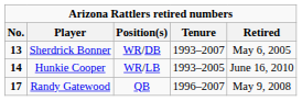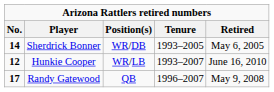 <table class="wikitable sortable" style="text-align:center">
 <tr>
 <td colspan="5"><strong>Arizona Rattlers retired numbers</strong></td>
 </tr>
 <tr>
 <th>No.</th>
 <th>Player</th>
 <th>Position(s)</th>
 <th>Tenure</th>
 <th>Retired</th>
 </tr>
 <tr>
-<td><strong>13</strong></td>
+<td><strong>14</strong></td>
 <td><a href='#'>Sherdrick Bonner</a></td>
 <td><a href='#'>WR</a>/<a href='#'>DB</a></td>
-<td>1993–2007</td>
+<td>1993–2005</td>
 <td>May 6, 2005</td>
 </tr>
 <tr>
-<td><strong>14</strong></td>
+<td><strong>12</strong></td>
 <td><a href='#'>Hunkie Cooper</a></td>
 <td><a href='#'>WR</a>/<a href='#'>LB</a></td>
-<td>1993–2005</td>
+<td>1993–2007</td>
 <td>June 16, 2010</td>
 </tr>
 <tr>
 <td><strong>17</strong></td>
 <td><a href='#'>Randy Gatewood</a></td>
 <td><a href='#'>QB</a></td>
 <td>1996–2007</td>
 <td>May 9, 2008</td>
 </tr>
 </table>
